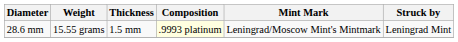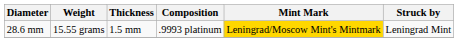 <table class="wikitable">
 <tr>
 <th>Diameter</th>
 <th>Weight</th>
 <th>Thickness</th>
 <th>Composition</th>
 <th>Mint Mark</th>
 <th>Struck by</th>
 </tr>
 <tr>
 <td>28.6 mm</td>
 <td>15.55 grams</td>
 <td>1.5 mm</td>
-<td style="background: lightyellow;">.9993 platinum</td>
-<td>Leningrad/Moscow Mint's Mintmark</td>
+<td>.9993 platinum</td>
+<td style="background: gold;">Leningrad/Moscow Mint's Mintmark</td>
 <td>Leningrad Mint</td>
 </tr>
 <tr>
 </tr>
 </table>
